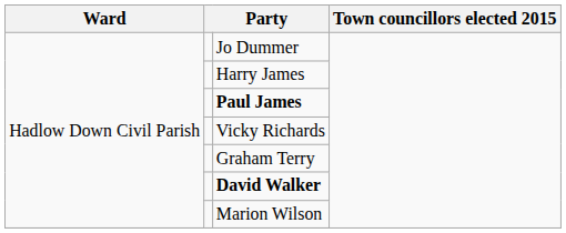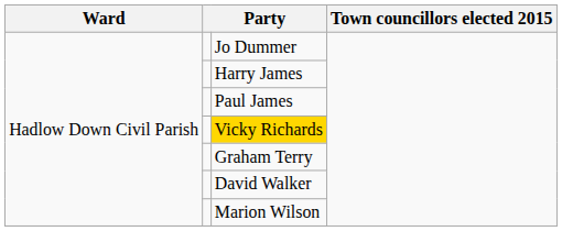 <table class="wikitable">
 <tr>
 <th>Ward</th>
 <th colspan=2>Party</th>
 <th>Town councillors elected 2015</th>
 </tr>
 <tr>
 <td rowspan="7">Hadlow Down Civil Parish</td>
 <td></td>
 <td>Jo Dummer</td>
 </tr>
 <tr>
 <td></td>
 <td>Harry James</td>
 </tr>
 <tr>
 <td></td>
-<td><strong>Paul James</strong></td>
+<td>Paul James</td>
 </tr>
 <tr>
 <td></td>
-<td>Vicky Richards</td>
+<td style="background: gold;">Vicky Richards</td>
 </tr>
 <tr>
 <td></td>
 <td>Graham Terry</td>
 </tr>
 <tr>
 <td></td>
-<td><strong>David Walker</strong></td>
+<td>David Walker</td>
 </tr>
 <tr>
 <td></td>
 <td>Marion Wilson</td>
 </tr>
 <tr>
 </tr>
 </table>
